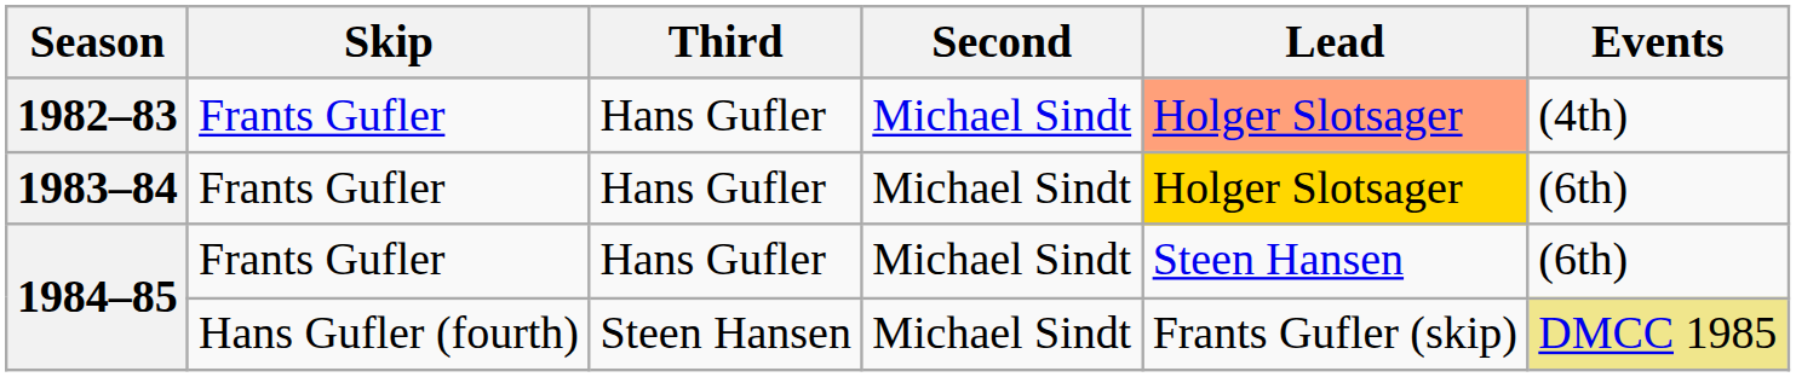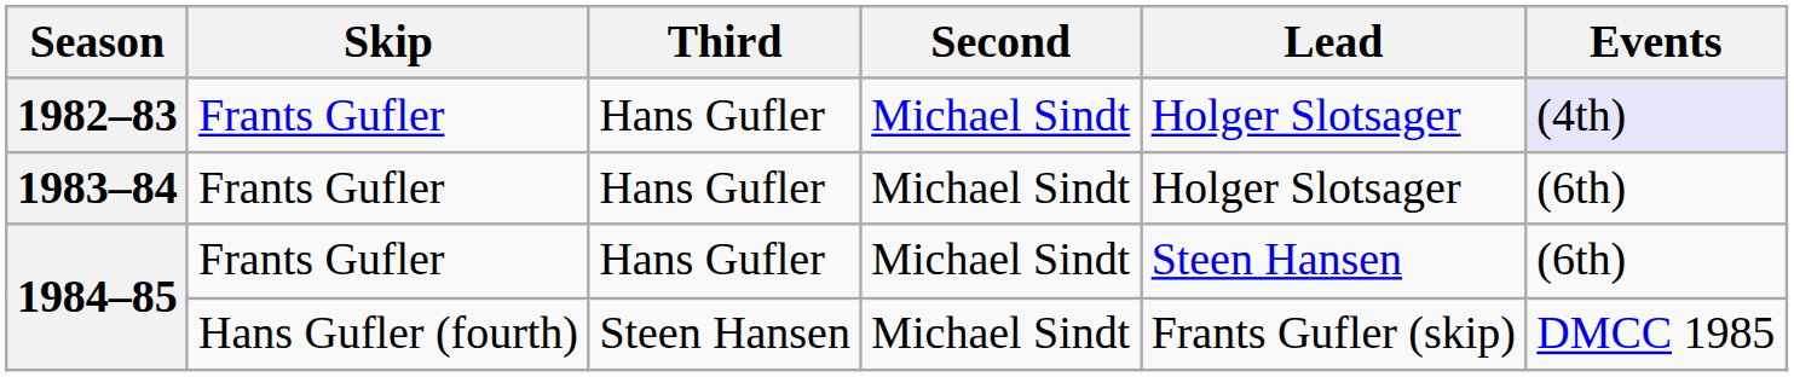 <table class="wikitable">
 <tr>
 <th scope="col">Season</th>
 <th scope="col">Skip</th>
 <th scope="col">Third</th>
 <th scope="col">Second</th>
 <th scope="col">Lead</th>
 <th scope="col">Events</th>
 </tr>
 <tr>
 <th scope="row">1982–83</th>
 <td><a href='#'>Frants Gufler</a></td>
 <td>Hans Gufler</td>
 <td><a href='#'>Michael Sindt</a></td>
-<td style="background: lightsalmon;"><a href='#'>Holger Slotsager</a></td>
-<td> (4th)</td>
+<td><a href='#'>Holger Slotsager</a></td>
+<td style="background: lavender;"> (4th)</td>
 </tr>
 <tr>
 <th scope="row">1983–84</th>
 <td>Frants Gufler</td>
 <td>Hans Gufler</td>
 <td>Michael Sindt</td>
-<td style="background: gold;">Holger Slotsager</td>
+<td>Holger Slotsager</td>
 <td> (6th)</td>
 </tr>
 <tr>
 <th scope="row" rowspan=2>1984–85</th>
 <td>Frants Gufler</td>
 <td>Hans Gufler</td>
 <td>Michael Sindt</td>
 <td><a href='#'>Steen Hansen</a></td>
 <td> (6th)</td>
 </tr>
 <tr>
 <td>Hans Gufler (fourth)</td>
 <td>Steen Hansen</td>
 <td>Michael Sindt</td>
 <td>Frants Gufler (skip)</td>
-<td style="background: khaki;"><a href='#'>DMCC</a> 1985 <br> </td>
+<td><a href='#'>DMCC</a> 1985 <br> </td>
 </tr>
 </table>
